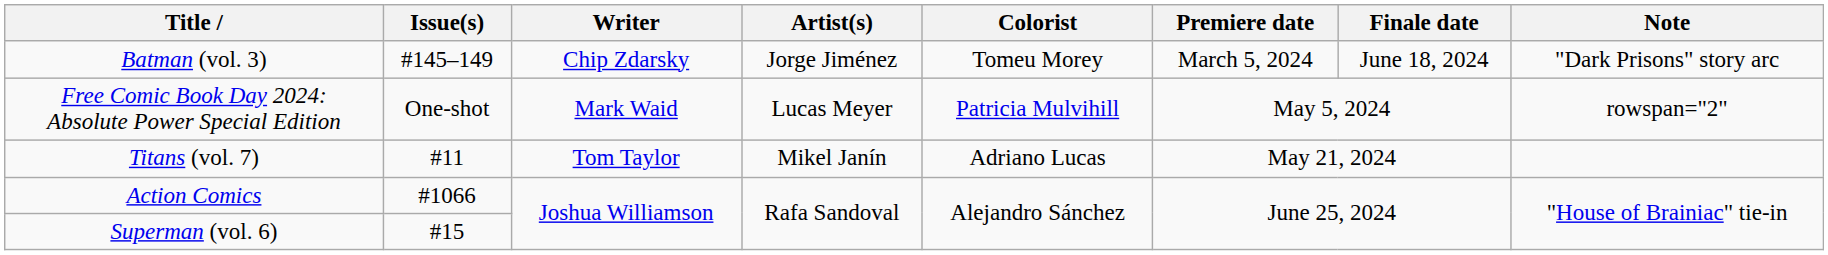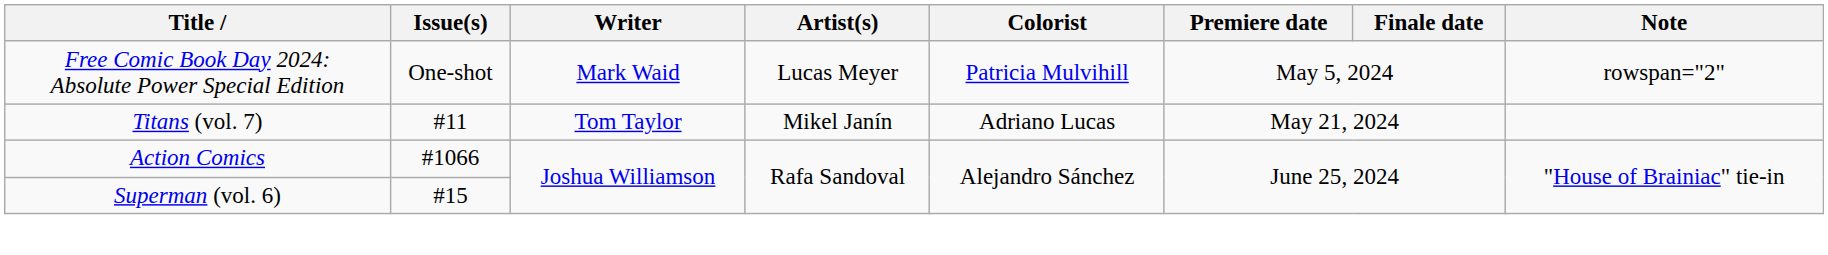 <table class="wikitable" style="text-align:center; width:100%">
 <tr>
 <th scope="col">Title /</th>
 <th>Issue(s)</th>
 <th scope="col">Writer</th>
 <th scope="col">Artist(s)</th>
 <th scope="col">Colorist</th>
 <th scope="col">Premiere date</th>
 <th scope="col">Finale date</th>
 <th>Note</th>
-</tr>
-<tr>
-<td><em><a href='#'>Batman</a></em> (vol. 3)</td>
-<td>#145–149</td>
-<td><a href='#'>Chip Zdarsky</a></td>
-<td>Jorge Jiménez</td>
-<td>Tomeu Morey</td>
-<td>March 5, 2024</td>
-<td>June 18, 2024</td>
-<td>"Dark Prisons" story arc</td>
 </tr>
 <tr>
 <td><em><a href='#'>Free Comic Book Day</a> 2024:<br>Absolute Power Special Edition</em></td>
 <td>One-shot</td>
 <td><a href='#'>Mark Waid</a></td>
 <td>Lucas Meyer</td>
 <td><a href='#'>Patricia Mulvihill</a></td>
 <td colspan="2">May 5, 2024</td>
 <td>rowspan="2" </td>
 </tr>
 <tr>
 <td><em><a href='#'>Titans</a></em> (vol. 7)</td>
 <td>#11</td>
 <td><a href='#'>Tom Taylor</a></td>
 <td>Mikel Janín</td>
 <td>Adriano Lucas</td>
 <td colspan="2">May 21, 2024</td>
 </tr>
 <tr>
 <td><em><a href='#'>Action Comics</a></em></td>
 <td>#1066</td>
 <td rowspan="2"><a href='#'>Joshua Williamson</a></td>
 <td rowspan="2">Rafa Sandoval</td>
 <td rowspan="2">Alejandro Sánchez</td>
 <td colspan="2" rowspan="2">June 25, 2024</td>
 <td rowspan="2">"<a href='#'>House of Brainiac</a>" tie-in</td>
 </tr>
 <tr>
 <td><em><a href='#'>Superman</a></em> (vol. 6)</td>
 <td>#15</td>
 </tr>
 </table>
